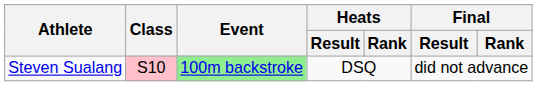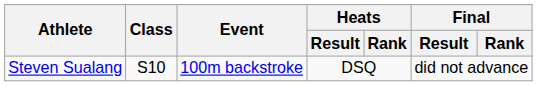 <table class=wikitable style="font-size:90%">
 <tr>
 <th rowspan="2">Athlete</th>
 <th rowspan="2">Class</th>
 <th rowspan="2">Event</th>
 <th colspan="2">Heats</th>
 <th colspan="2">Final</th>
 </tr>
 <tr>
 <th>Result</th>
 <th>Rank</th>
 <th>Result</th>
 <th>Rank</th>
 </tr>
 <tr>
 <td><a href='#'>Steven Sualang</a></td>
-<td style="background: pink; text-align:center;">S10</td>
-<td style="background: lightgreen;"><a href='#'>100m backstroke</a></td>
+<td style="text-align:center;">S10</td>
+<td><a href='#'>100m backstroke</a></td>
 <td style="text-align:center;" colspan="2">DSQ</td>
 <td style="text-align:center;" colspan="2">did not advance</td>
 </tr>
 </table>
